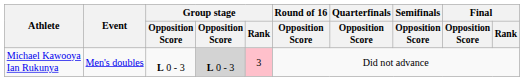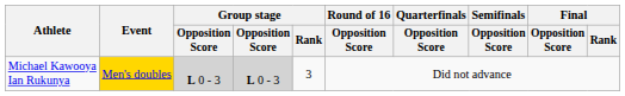 <table class=wikitable style="font-size:90%">
 <tr>
 <th rowspan=2>Athlete</th>
 <th rowspan=2>Event</th>
 <th colspan=3>Group stage</th>
 <th>Round of 16</th>
 <th>Quarterfinals</th>
 <th>Semifinals</th>
 <th colspan=2>Final</th>
 </tr>
 <tr style="font-size:95%">
 <th>Opposition<br>Score</th>
 <th>Opposition<br>Score</th>
 <th>Rank</th>
 <th>Opposition<br>Score</th>
 <th>Opposition<br>Score</th>
 <th>Opposition<br>Score</th>
 <th>Opposition<br>Score</th>
 <th>Rank</th>
 </tr>
 <tr align=center>
 <td align=left><a href='#'>Michael Kawooya</a><br><a href='#'>Ian Rukunya</a></td>
-<td align=left><a href='#'>Men's doubles</a></td>
-<td><br><strong>L</strong> 0 - 3</td>
+<td align=left style="background: gold;"><a href='#'>Men's doubles</a></td>
 <td style="background: lightgrey;"><br><strong>L</strong> 0 - 3</td>
-<td style="background: pink;">3</td>
+<td style="background: lightgrey;"><br><strong>L</strong> 0 - 3</td>
+<td>3</td>
 <td colspan=5>Did not advance</td>
 </tr>
 </table>
